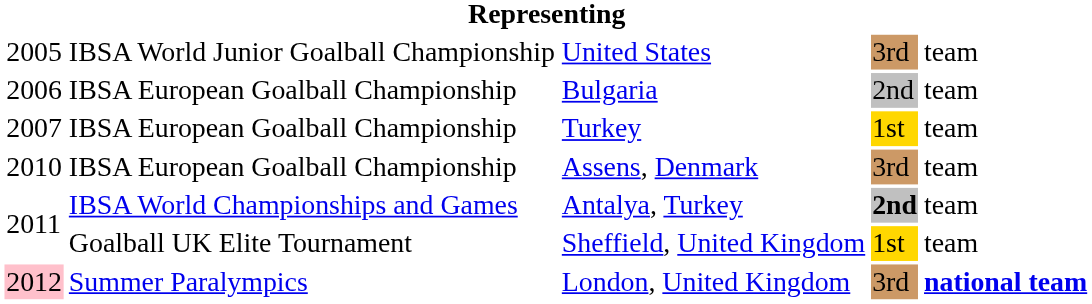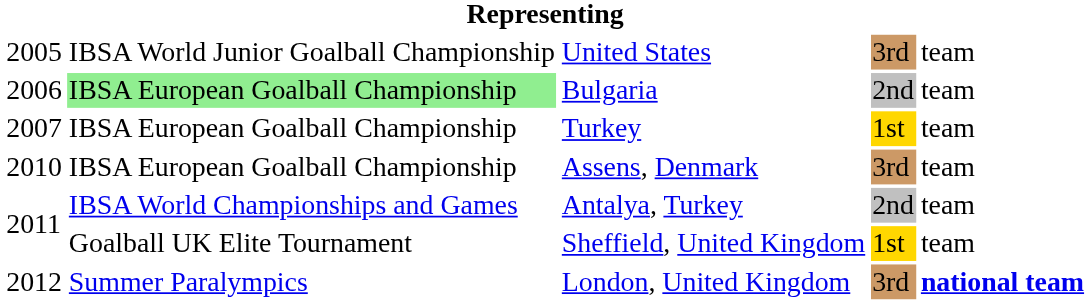 <table>
 <tr>
 <th colspan="5">Representing </th>
 </tr>
 <tr>
 <td>2005</td>
 <td>IBSA World Junior Goalball Championship</td>
 <td><a href='#'>United States</a></td>
 <td bgcolor="#cc9966">3rd</td>
 <td>team</td>
 </tr>
 <tr>
 <td>2006</td>
-<td>IBSA European Goalball Championship</td>
+<td style="background: lightgreen;">IBSA European Goalball Championship</td>
 <td><a href='#'>Bulgaria</a></td>
 <td bgcolor="silver">2nd</td>
 <td>team</td>
 </tr>
 <tr>
 <td>2007</td>
 <td>IBSA European Goalball Championship</td>
 <td><a href='#'>Turkey</a></td>
 <td bgcolor="gold">1st</td>
 <td>team</td>
 </tr>
 <tr>
 <td>2010</td>
 <td>IBSA European Goalball Championship</td>
 <td><a href='#'>Assens</a>, <a href='#'>Denmark</a></td>
 <td bgcolor="#cc9966">3rd</td>
 <td>team</td>
 </tr>
 <tr>
 <td rowspan="2">2011</td>
 <td><a href='#'>IBSA World Championships and Games</a></td>
 <td><a href='#'>Antalya</a>, <a href='#'>Turkey</a></td>
-<td bgcolor="silver"><strong>2nd</strong></td>
+<td bgcolor="silver">2nd</td>
 <td>team</td>
 </tr>
 <tr>
 <td>Goalball UK Elite Tournament</td>
 <td><a href='#'>Sheffield</a>, <a href='#'>United Kingdom</a></td>
 <td bgcolor="gold">1st</td>
 <td>team</td>
 </tr>
 <tr>
-<td style="background: pink;">2012</td>
+<td>2012</td>
 <td><a href='#'>Summer Paralympics</a></td>
 <td><a href='#'>London</a>, <a href='#'>United Kingdom</a></td>
 <td bgcolor="#cc9966">3rd</td>
 <td><strong><a href='#'>national team</a></strong></td>
 </tr>
 </table>
